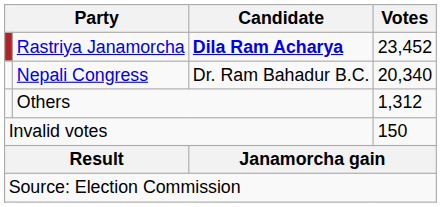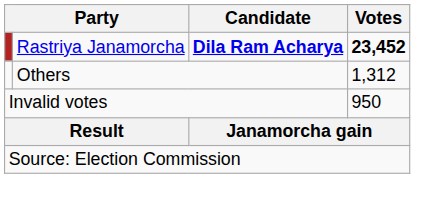 <table class="wikitable">
 <tr>
 <th colspan="2">Party</th>
 <th>Candidate</th>
 <th>Votes</th>
 </tr>
 <tr>
 <td style="background-color:firebrick"></td>
 <td><a href='#'>Rastriya Janamorcha</a></td>
 <td><strong><a href='#'>Dila Ram Acharya</a></strong></td>
-<td>23,452</td>
-</tr>
-<tr>
-<td style="background-color:"></td>
-<td><a href='#'>Nepali Congress</a></td>
-<td>Dr. Ram Bahadur B.C.</td>
-<td>20,340</td>
+<td><strong>23,452</strong></td>
 </tr>
 <tr>
 <td></td>
 <td colspan="2">Others</td>
 <td>1,312</td>
 </tr>
 <tr>
 <td colspan="3">Invalid votes</td>
-<td>150</td>
+<td>950</td>
 </tr>
 <tr>
 <th colspan="2">Result</th>
 <th colspan="2">Janamorcha gain</th>
 </tr>
 <tr>
 <td colspan="4">Source: Election Commission</td>
 </tr>
 </table>
